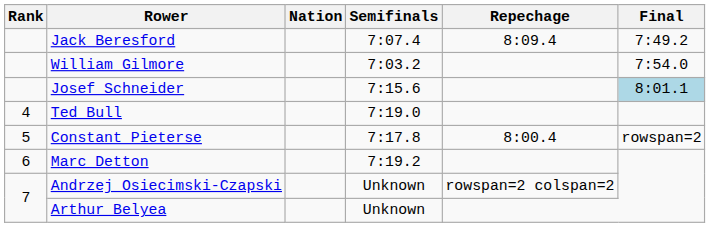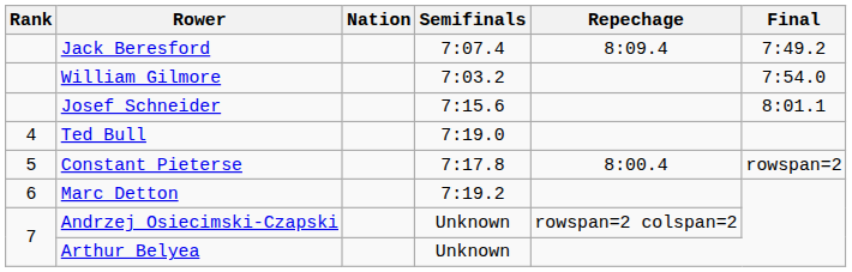 <table class="wikitable sortable" style="text-align:center">
 <tr>
 <th>Rank</th>
 <th>Rower</th>
 <th>Nation</th>
 <th>Semifinals</th>
 <th>Repechage</th>
 <th>Final</th>
 </tr>
 <tr>
 <td></td>
 <td align=left><a href='#'>Jack Beresford</a></td>
 <td align=left></td>
 <td>7:07.4</td>
 <td>8:09.4</td>
 <td>7:49.2</td>
 </tr>
 <tr>
 <td></td>
 <td align=left><a href='#'>William Gilmore</a></td>
 <td align=left></td>
 <td>7:03.2</td>
 <td></td>
 <td>7:54.0</td>
 </tr>
 <tr>
 <td></td>
 <td align=left><a href='#'>Josef Schneider</a></td>
 <td align=left></td>
 <td>7:15.6</td>
 <td></td>
-<td style="background: lightblue;">8:01.1</td>
+<td>8:01.1</td>
 </tr>
 <tr>
 <td>4</td>
 <td align=left><a href='#'>Ted Bull</a></td>
 <td align=left></td>
 <td>7:19.0</td>
 <td></td>
 <td data-sort-value=9:99.9></td>
 </tr>
 <tr>
 <td>5</td>
 <td align=left><a href='#'>Constant Pieterse</a></td>
 <td align=left></td>
 <td>7:17.8</td>
 <td>8:00.4</td>
 <td>rowspan=2 </td>
 </tr>
 <tr>
 <td>6</td>
 <td align=left><a href='#'>Marc Detton</a></td>
 <td align=left></td>
 <td>7:19.2</td>
 <td data-sort-value=9:99.9></td>
 </tr>
 <tr>
 <td rowspan=2>7</td>
 <td align=left><a href='#'>Andrzej Osiecimski-Czapski</a></td>
 <td align=left></td>
 <td data-sort-value=9:99.9>Unknown</td>
 <td>rowspan=2 colspan=2 </td>
 </tr>
 <tr>
 <td align=left><a href='#'>Arthur Belyea</a></td>
 <td align=left></td>
 <td data-sort-value=9:99.9>Unknown</td>
 </tr>
 </table>
